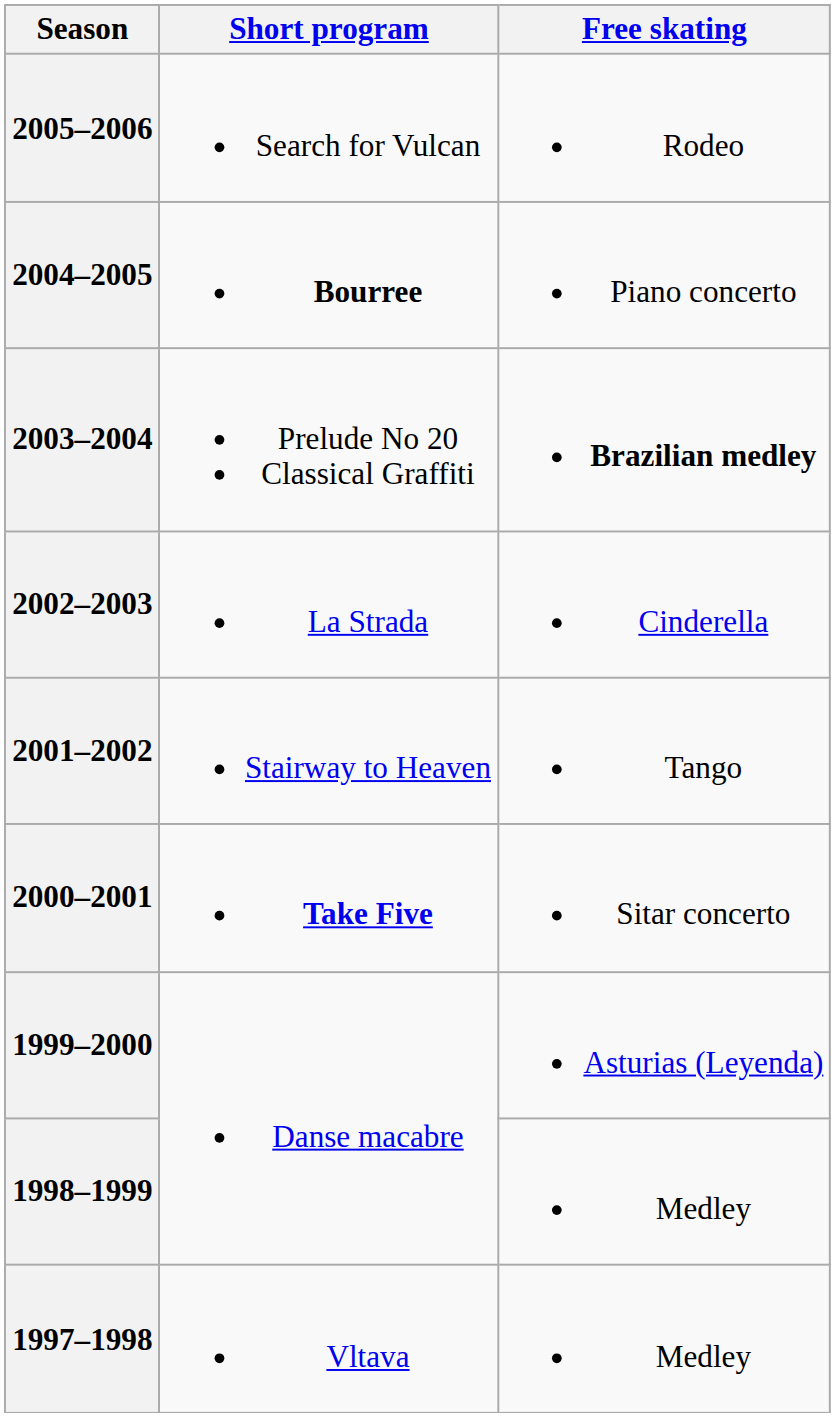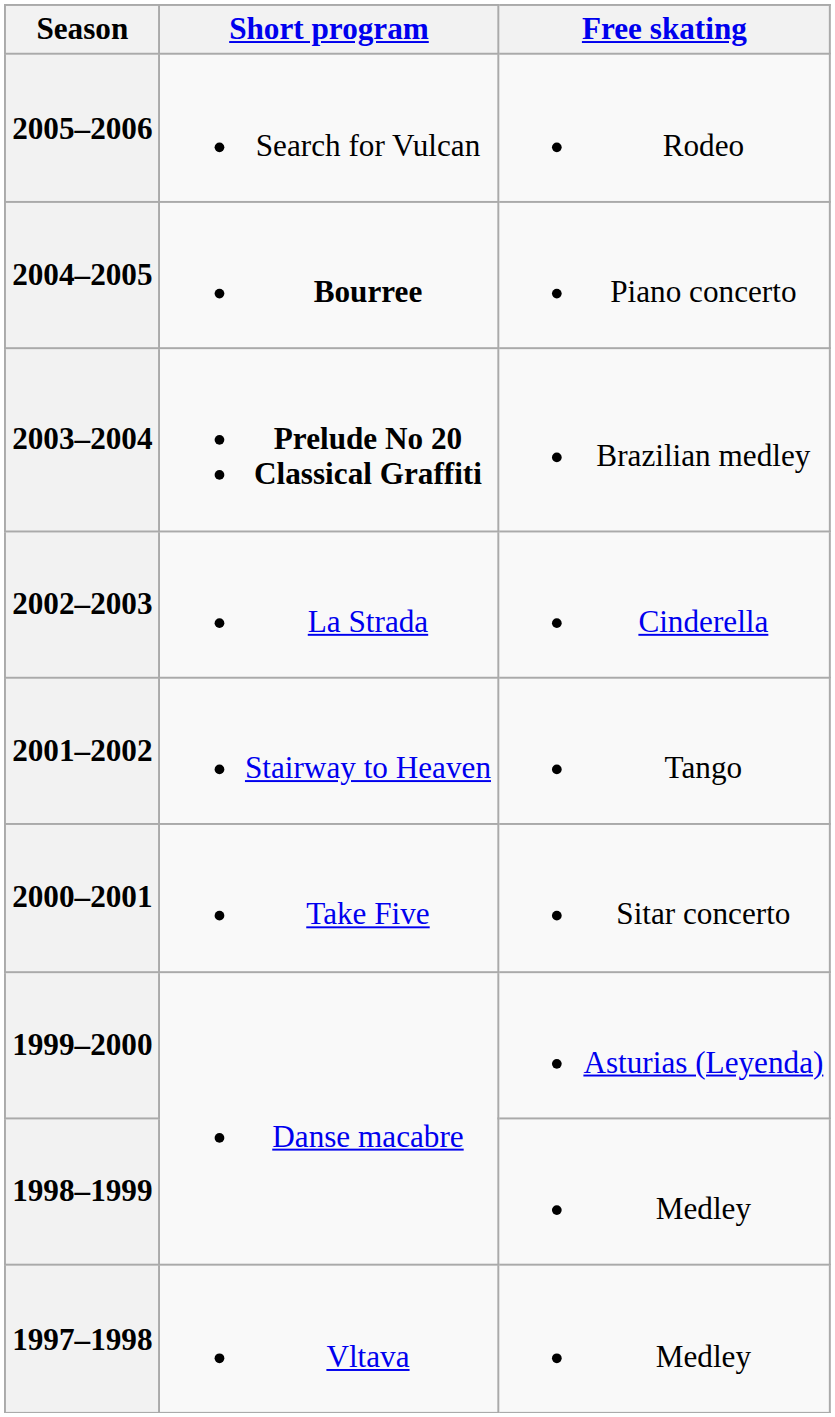 <table class=wikitable style=text-align:center>
 <tr>
 <th>Season</th>
 <th><a href='#'>Short program</a></th>
 <th><a href='#'>Free skating</a></th>
 </tr>
 <tr>
 <th>2005–2006 <br> </th>
 <td><br><ul><li>Search for Vulcan <br></li></ul></td>
 <td><br><ul><li>Rodeo <br></li></ul></td>
 </tr>
 <tr>
 <th>2004–2005 <br> </th>
 <td><strong><br><ul><li>Bourree <br></li></ul></strong></td>
 <td><br><ul><li>Piano concerto <br></li></ul></td>
 </tr>
 <tr>
 <th>2003–2004 <br> </th>
-<td><br><ul><li>Prelude No 20 <br></li><li>Classical Graffiti</li></ul></td>
-<td><strong><br><ul><li>Brazilian medley</li></ul></strong></td>
+<td><strong><br><ul><li>Prelude No 20 <br></li><li>Classical Graffiti</li></ul></strong></td>
+<td><br><ul><li>Brazilian medley</li></ul></td>
 </tr>
 <tr>
 <th>2002–2003 <br> </th>
 <td><br><ul><li><a href='#'>La Strada</a> <br></li></ul></td>
 <td><br><ul><li><a href='#'>Cinderella</a> <br></li></ul></td>
 </tr>
 <tr>
 <th>2001–2002 <br> </th>
 <td><br><ul><li><a href='#'>Stairway to Heaven</a> <br></li></ul></td>
 <td><br><ul><li>Tango <br></li></ul></td>
 </tr>
 <tr>
 <th>2000–2001 <br> </th>
-<td><strong><br><ul><li><a href='#'>Take Five</a></li></ul></strong></td>
+<td><br><ul><li><a href='#'>Take Five</a></li></ul></td>
 <td><br><ul><li>Sitar concerto <br></li></ul></td>
 </tr>
 <tr>
 <th>1999–2000 <br></th>
 <td rowspan=2><br><ul><li><a href='#'>Danse macabre</a> <br></li></ul></td>
 <td><br><ul><li><a href='#'>Asturias (Leyenda)</a> <br></li></ul></td>
 </tr>
 <tr>
 <th>1998–1999 <br></th>
 <td><br><ul><li>Medley <br></li></ul></td>
 </tr>
 <tr>
 <th>1997–1998 <br></th>
 <td><br><ul><li><a href='#'>Vltava</a> <br></li></ul></td>
 <td><br><ul><li>Medley <br></li></ul></td>
 </tr>
 </table>
